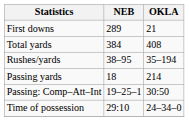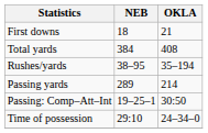 <table class="wikitable" style="float: left;">
 <tr>
 <th>Statistics</th>
 <th>NEB</th>
 <th>OKLA</th>
 </tr>
 <tr>
 <td>First downs</td>
-<td>289</td>
+<td>18</td>
 <td>21</td>
 </tr>
 <tr>
 <td>Total yards</td>
 <td>384</td>
 <td>408</td>
 </tr>
 <tr>
 <td>Rushes/yards</td>
 <td>38–95</td>
 <td>35–194</td>
 </tr>
 <tr>
 <td>Passing yards</td>
-<td>18</td>
+<td>289</td>
 <td>214</td>
 </tr>
 <tr>
 <td>Passing: Comp–Att–Int</td>
 <td>19–25–1</td>
 <td>30:50</td>
 </tr>
 <tr>
 <td>Time of possession</td>
 <td>29:10</td>
 <td>24–34–0</td>
 </tr>
 <tr>
 </tr>
 </table>
